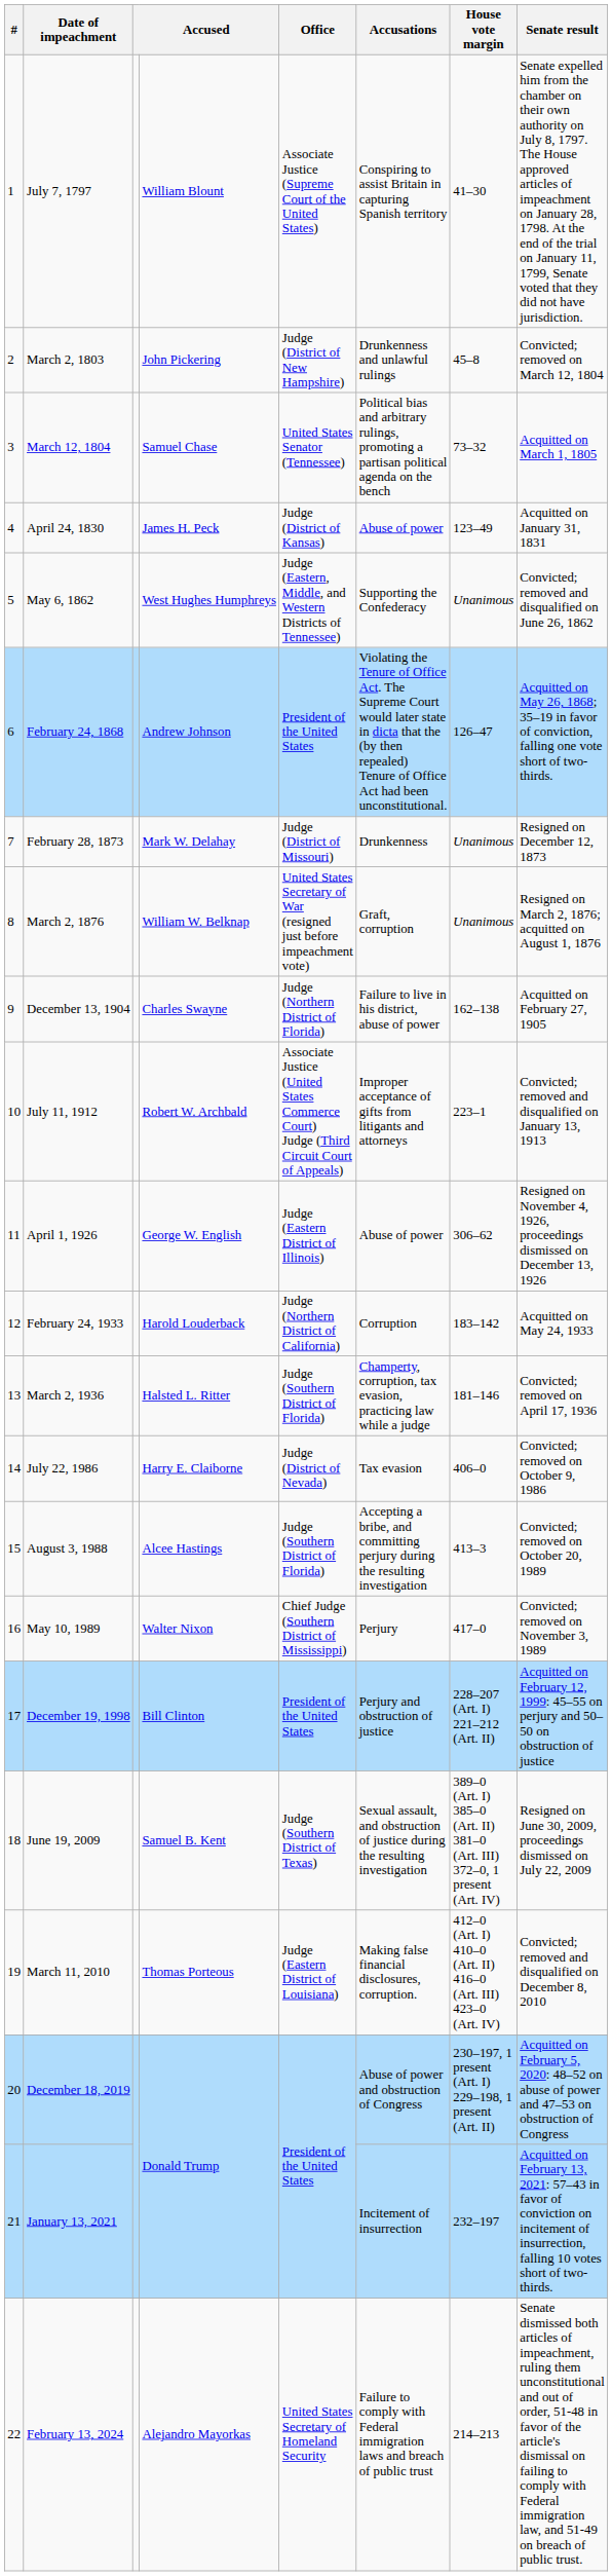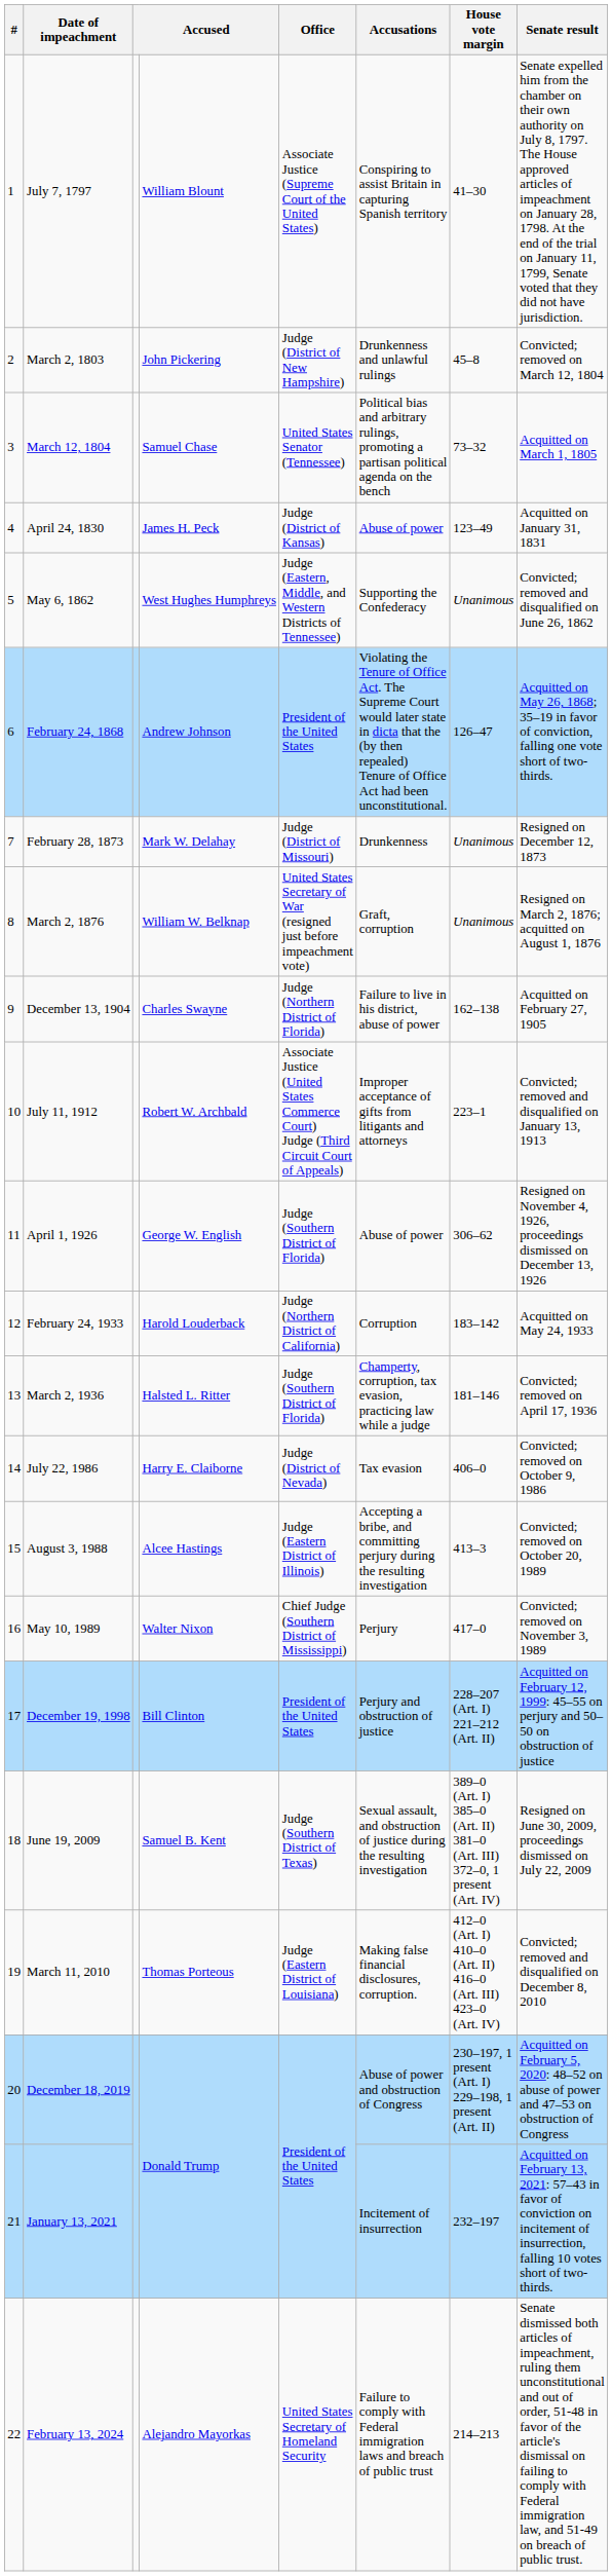 <table class="wikitable sortable">
 <tr>
 <th>#</th>
 <th data-sort-type="date">Date of impeachment</th>
 <th colspan=2>Accused</th>
 <th>Office</th>
 <th>Accusations</th>
 <th>House vote margin</th>
 <th>Senate result</th>
 </tr>
 <tr>
 <td>1</td>
 <td style="white-space: nowrap;">July 7, 1797</td>
 <td></td>
 <td style="white-space: nowrap;"><a href='#'>William Blount</a></td>
 <td>Associate Justice (<a href='#'>Supreme Court of the United States</a>)</td>
 <td>Conspiring to assist Britain in capturing Spanish territory</td>
 <td>41–30</td>
 <td>Senate expelled him from the chamber on their own authority on July 8, 1797. The House approved articles of impeachment on January 28, 1798. At the end of the trial on January 11, 1799, Senate voted that they did not have jurisdiction.</td>
 </tr>
 <tr>
 <td>2</td>
 <td style="white-space: nowrap;">March 2, 1803</td>
 <td></td>
 <td style="white-space: nowrap;"><a href='#'>John Pickering</a></td>
 <td>Judge <span>(<a href='#'>District of New Hampshire</a>)</span></td>
 <td>Drunkenness and unlawful rulings</td>
 <td>45–8</td>
 <td>Convicted; removed on March 12, 1804</td>
 </tr>
 <tr>
 <td>3</td>
 <td style="white-space: nowrap;"><a href='#'>March 12, 1804</a></td>
 <td></td>
 <td style="white-space: nowrap;"><a href='#'>Samuel Chase</a></td>
 <td><a href='#'>United States Senator</a> (<a href='#'>Tennessee</a>)</td>
 <td>Political bias and arbitrary rulings, promoting a partisan political agenda on the bench</td>
 <td>73–32</td>
 <td><a href='#'>Acquitted on March 1, 1805</a></td>
 </tr>
 <tr>
 <td>4</td>
 <td style="white-space: nowrap;">April 24, 1830</td>
 <td></td>
 <td style="white-space: nowrap;"><a href='#'>James H. Peck</a></td>
 <td>Judge <span>(<a href='#'>District of Kansas</a>)</span></td>
 <td><a href='#'>Abuse of power</a></td>
 <td>123–49</td>
 <td>Acquitted on January 31, 1831</td>
 </tr>
 <tr>
 <td>5</td>
 <td style="white-space: nowrap;">May 6, 1862</td>
 <td></td>
 <td style="white-space: nowrap;"><a href='#'>West Hughes Humphreys</a></td>
 <td>Judge (<a href='#'>Eastern</a>, <a href='#'>Middle</a>, and <a href='#'>Western</a> Districts of <a href='#'>Tennessee</a>)</td>
 <td>Supporting the Confederacy</td>
 <td><em>Unanimous</em></td>
 <td>Convicted; removed and disqualified on June 26, 1862</td>
 </tr>
 <tr style="background:#afdcfc">
 <td>6</td>
 <td style="white-space"><a href='#'>February 24, 1868</a></td>
 <td></td>
 <td style="white-space: nowrap;"><a href='#'>Andrew Johnson</a></td>
 <td><a href='#'>President of the United States</a></td>
 <td>Violating the <a href='#'>Tenure of Office Act</a>. The Supreme Court would later state in <a href='#'>dicta</a> that the (by then repealed) Tenure of Office Act had been unconstitutional.</td>
 <td>126–47</td>
 <td><a href='#'>Acquitted on May 26, 1868</a>; 35–19 in favor of conviction, falling one vote short of two-thirds.</td>
 </tr>
 <tr>
 <td>7</td>
 <td style="white-space: nowrap;">February 28, 1873</td>
 <td></td>
 <td style="white-space: nowrap;"><a href='#'>Mark W. Delahay</a></td>
 <td>Judge <span>(<a href='#'>District of Missouri</a>)</span></td>
 <td>Drunkenness</td>
 <td><em>Unanimous</em></td>
 <td>Resigned on December 12, 1873</td>
 </tr>
 <tr>
 <td>8</td>
 <td style="white-space: nowrap;">March 2, 1876</td>
 <td></td>
 <td style="white-space: nowrap;"><a href='#'>William W. Belknap</a></td>
 <td><a href='#'>United States Secretary of War</a> (resigned just before impeachment vote)</td>
 <td>Graft, corruption</td>
 <td><em>Unanimous</em></td>
 <td>Resigned on March 2, 1876; acquitted on August 1, 1876</td>
 </tr>
 <tr>
 <td>9</td>
 <td style="white-space: nowrap;">December 13, 1904</td>
 <td></td>
 <td style="white-space: nowrap;"><a href='#'>Charles Swayne</a></td>
 <td>Judge <span>(<a href='#'>Northern District of Florida</a>)</span></td>
 <td>Failure to live in his district, abuse of power</td>
 <td>162–138</td>
 <td>Acquitted on February 27, 1905</td>
 </tr>
 <tr>
 <td>10</td>
 <td style="white-space: nowrap;">July 11, 1912</td>
 <td></td>
 <td style="white-space: nowrap;"><a href='#'>Robert W. Archbald</a></td>
 <td>Associate Justice <span>(<a href='#'>United States Commerce Court</a>)</span><br>Judge <span>(<a href='#'>Third Circuit Court of Appeals</a>)</span></td>
 <td>Improper acceptance of gifts from litigants and attorneys</td>
 <td>223–1</td>
 <td>Convicted; removed and disqualified on January 13, 1913</td>
 </tr>
 <tr>
 <td>11</td>
 <td style="white-space: nowrap;">April 1, 1926</td>
 <td></td>
 <td style="white-space: nowrap;"><a href='#'>George W. English</a></td>
-<td>Judge <span>(<a href='#'>Eastern District of Illinois</a>)</span></td>
+<td>Judge <span>(<a href='#'>Southern District of Florida</a>)</span></td>
 <td>Abuse of power</td>
 <td>306–62</td>
 <td>Resigned on November 4, 1926, proceedings dismissed on December 13, 1926</td>
 </tr>
 <tr>
 <td>12</td>
 <td style="white-space: nowrap;">February 24, 1933</td>
 <td></td>
 <td style="white-space: nowrap;"><a href='#'>Harold Louderback</a></td>
 <td>Judge <span>(<a href='#'>Northern District of California</a>)</span></td>
 <td>Corruption</td>
 <td>183–142</td>
 <td>Acquitted on May 24, 1933</td>
 </tr>
 <tr>
 <td>13</td>
 <td style="white-space: nowrap;">March 2, 1936</td>
 <td></td>
 <td style="white-space: nowrap;"><a href='#'>Halsted L. Ritter</a></td>
 <td>Judge <span>(<a href='#'>Southern District of Florida</a>)</span></td>
 <td><a href='#'>Champerty</a>, corruption, tax evasion, practicing law while a judge</td>
 <td>181–146</td>
 <td>Convicted; removed on April 17, 1936</td>
 </tr>
 <tr>
 <td>14</td>
 <td style="white-space: nowrap;">July 22, 1986</td>
 <td></td>
 <td style="white-space: nowrap;"><a href='#'>Harry E. Claiborne</a></td>
 <td>Judge <span>(<a href='#'>District of Nevada</a>)</span></td>
 <td>Tax evasion</td>
 <td>406–0</td>
 <td>Convicted; removed on October 9, 1986</td>
 </tr>
 <tr>
 <td>15</td>
 <td style="white-space: nowrap;">August 3, 1988</td>
 <td></td>
 <td style="white-space: nowrap;"><a href='#'>Alcee Hastings</a></td>
-<td>Judge <span>(<a href='#'>Southern District of Florida</a>)</span></td>
+<td>Judge <span>(<a href='#'>Eastern District of Illinois</a>)</span></td>
 <td>Accepting a bribe, and committing perjury during the resulting investigation</td>
 <td>413–3</td>
 <td>Convicted; removed on October 20, 1989</td>
 </tr>
 <tr>
 <td>16</td>
 <td style="white-space: nowrap;">May 10, 1989</td>
 <td></td>
 <td style="white-space: nowrap;"><a href='#'>Walter Nixon</a></td>
 <td>Chief Judge <span>(<a href='#'>Southern District of Mississippi</a>)</span></td>
 <td>Perjury</td>
 <td style=text-alignL:center>417–0</td>
 <td>Convicted; removed on November 3, 1989</td>
 </tr>
 <tr style="background:#afdcfc">
 <td>17</td>
 <td style="white-space: nowrap;"><a href='#'>December 19, 1998</a></td>
 <td></td>
 <td style="white-space: nowrap;"><a href='#'>Bill Clinton</a></td>
 <td><a href='#'>President of the United States</a></td>
 <td>Perjury and obstruction of justice</td>
 <td>228–207 (Art. I)<br>221–212 (Art. II)</td>
 <td><a href='#'>Acquitted on February 12, 1999</a>: 45–55 on perjury and 50–50 on obstruction of justice</td>
 </tr>
 <tr>
 <td>18</td>
 <td style="white-space: nowrap;">June 19, 2009</td>
 <td></td>
 <td style="white-space: nowrap;"><a href='#'>Samuel B. Kent</a></td>
 <td>Judge <span>(<a href='#'>Southern District of Texas</a>)</span></td>
 <td>Sexual assault, and obstruction of justice during the resulting investigation</td>
 <td>389–0 (Art. I)<br>385–0 (Art. II)<br>381–0 (Art. III)<br>372–0, 1 present (Art. IV)</td>
 <td>Resigned on June 30, 2009, proceedings dismissed on July 22, 2009</td>
 </tr>
 <tr>
 <td>19</td>
 <td style="white-space: nowrap;">March 11, 2010</td>
 <td></td>
 <td style="white-space: nowrap;"><a href='#'>Thomas Porteous</a></td>
 <td>Judge <span>(<a href='#'>Eastern District of Louisiana</a>)</span></td>
 <td>Making false financial disclosures, corruption.</td>
 <td>412–0 (Art. I)<br>410–0 (Art. II)<br>416–0 (Art. III)<br>423–0 (Art. IV)</td>
 <td>Convicted; removed and disqualified on December 8, 2010</td>
 </tr>
 <tr style="background:#afdcfc">
 <td>20</td>
 <td data-sort-value="December 18, 2019"><a href='#'>December 18, 2019</a></td>
 <td rowspan="2"></td>
 <td rowspan="2" style="white-space: nowrap;"><a href='#'>Donald Trump</a></td>
 <td rowspan="2"><a href='#'>President of the United States</a></td>
 <td>Abuse of power and obstruction of Congress</td>
 <td>230–197, 1 present (Art. I) <br> 229–198, 1 present (Art. II)</td>
 <td><a href='#'>Acquitted on February 5, 2020</a>: 48–52 on abuse of power and 47–53 on obstruction of Congress</td>
 </tr>
 <tr style="background:#afdcfc">
 <td>21</td>
 <td data-sort-value="January 13, 2021"><a href='#'>January 13, 2021</a></td>
 <td>Incitement of insurrection</td>
 <td>232–197</td>
 <td><a href='#'>Acquitted on February 13, 2021</a>: 57–43 in favor of conviction on incitement of insurrection, falling 10 votes short of two-thirds.</td>
 </tr>
 <tr>
 <td>22</td>
 <td style="white-space: nowrap;"><a href='#'>February 13, 2024</a></td>
 <td></td>
 <td style="white-space: nowrap;"><a href='#'>Alejandro Mayorkas</a></td>
 <td><span><a href='#'>United States Secretary of Homeland Security</a></span></td>
 <td>Failure to comply with Federal immigration laws and breach of public trust</td>
 <td>214–213</td>
 <td>Senate dismissed both articles of impeachment, ruling them unconstitutional and out of order, 51-48 in favor of the article's dismissal on failing to comply with Federal immigration law, and 51-49 on breach of public trust.</td>
 </tr>
 </table>
